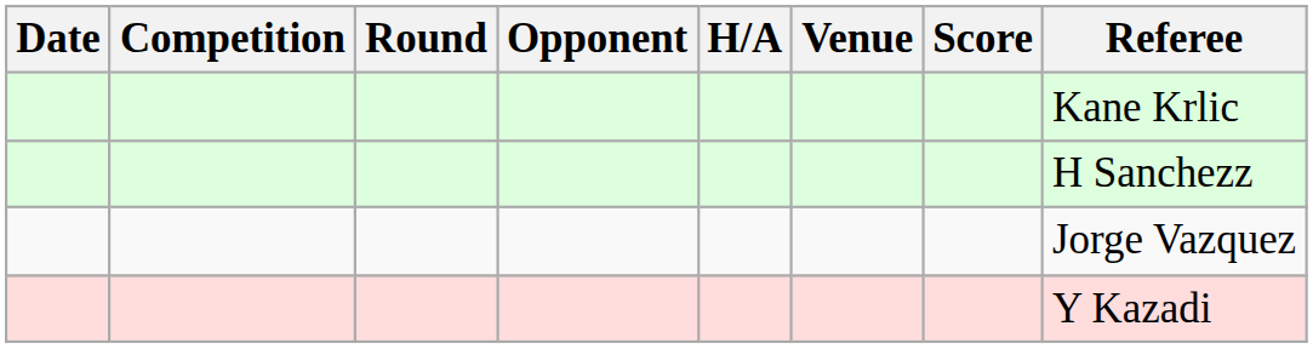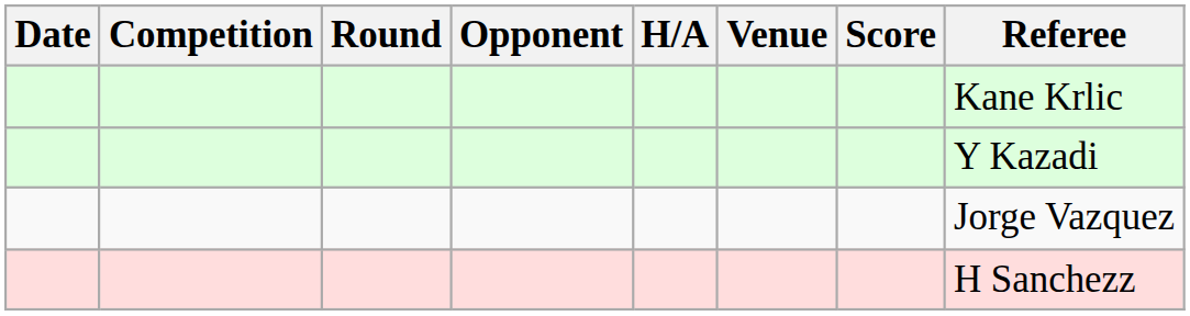 <table class="wikitable">
 <tr>
 <th>Date</th>
 <th>Competition</th>
 <th>Round</th>
 <th>Opponent</th>
 <th>H/A</th>
 <th>Venue</th>
 <th>Score</th>
 <th>Referee</th>
 </tr>
 <tr style="background:#ddffdd;">
 <td></td>
 <td></td>
 <td></td>
 <td></td>
 <td></td>
 <td></td>
 <td></td>
 <td> Kane Krlic</td>
 </tr>
 <tr style="background:#ddffdd;">
 <td></td>
 <td></td>
 <td></td>
 <td></td>
 <td></td>
 <td></td>
 <td></td>
-<td> H Sanchezz</td>
+<td> Y Kazadi</td>
 </tr>
 <tr style="background:#yellow;">
 <td></td>
 <td></td>
 <td></td>
 <td></td>
 <td></td>
 <td></td>
 <td></td>
 <td> Jorge Vazquez</td>
 </tr>
 <tr style="background:#ffdddd;">
 <td></td>
 <td></td>
 <td></td>
 <td></td>
 <td></td>
 <td></td>
 <td></td>
-<td> Y Kazadi</td>
+<td> H Sanchezz</td>
 </tr>
 </table>
